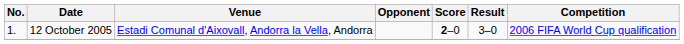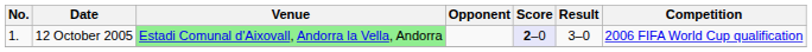 <table class="wikitable">
 <tr>
 <th>No.</th>
 <th>Date</th>
 <th>Venue</th>
 <th>Opponent</th>
 <th>Score</th>
 <th>Result</th>
 <th>Competition</th>
 </tr>
 <tr>
 <td>1.</td>
 <td>12 October 2005</td>
-<td><a href='#'>Estadi Comunal d'Aixovall</a>, <a href='#'>Andorra la Vella</a>, Andorra</td>
+<td style="background: lightgreen;"><a href='#'>Estadi Comunal d'Aixovall</a>, <a href='#'>Andorra la Vella</a>, Andorra</td>
 <td></td>
-<td align=center><strong>2</strong>–0</td>
+<td align=center style="background: lavender;"><strong>2</strong>–0</td>
 <td align=center>3–0</td>
 <td><a href='#'>2006 FIFA World Cup qualification</a></td>
 </tr>
 <tr>
 </tr>
 </table>
